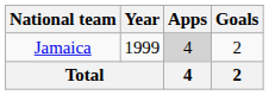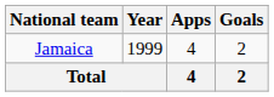 <table class="wikitable" style="text-align:center">
 <tr>
 <th>National team</th>
 <th>Year</th>
 <th>Apps</th>
 <th>Goals</th>
 </tr>
 <tr>
 <td><a href='#'>Jamaica</a></td>
 <td>1999</td>
-<td style="background: lightgrey;">4</td>
+<td>4</td>
 <td>2</td>
 </tr>
 <tr>
 <th colspan="2">Total</th>
 <th>4</th>
 <th>2</th>
 </tr>
 </table>
